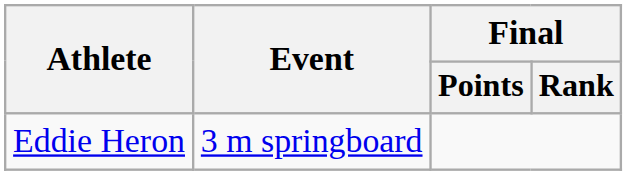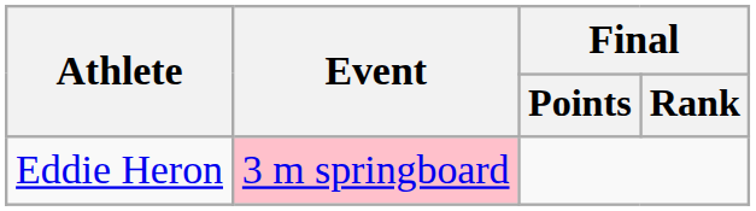 <table class="wikitable" style="font-size:90%;">
 <tr>
 <th rowspan=2>Athlete</th>
 <th rowspan=2>Event</th>
 <th colspan=2>Final</th>
 </tr>
 <tr style="font-size:95%">
 <th>Points</th>
 <th>Rank</th>
 </tr>
 <tr align=center>
 <td align=left><a href='#'>Eddie Heron</a></td>
-<td align=left><a href='#'>3 m springboard</a></td>
+<td align=left style="background: pink;"><a href='#'>3 m springboard</a></td>
 <td colspan=2></td>
 </tr>
 </table>
